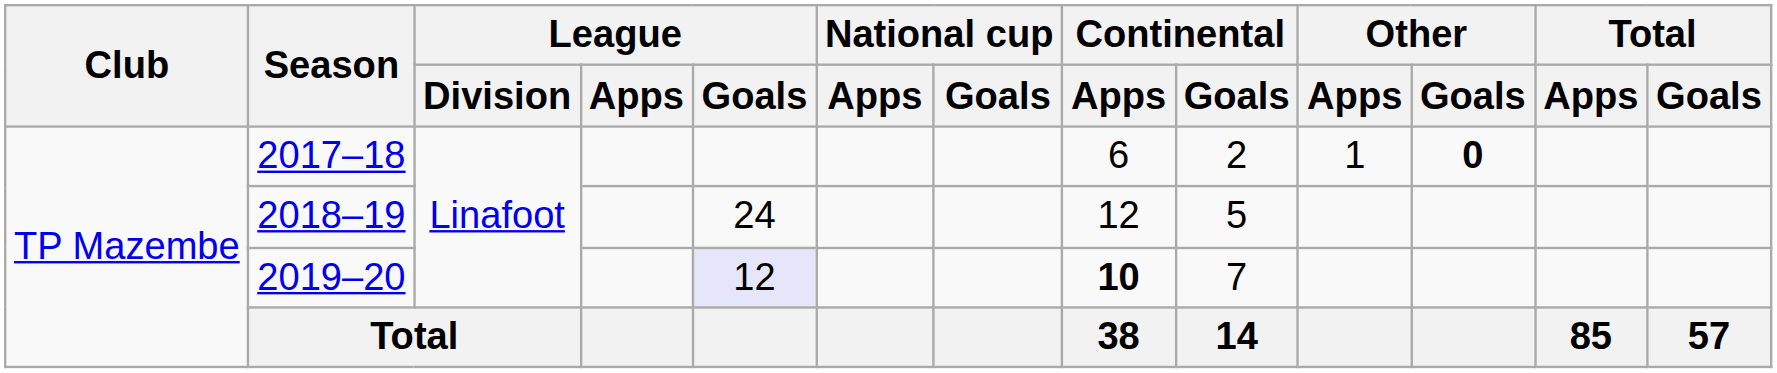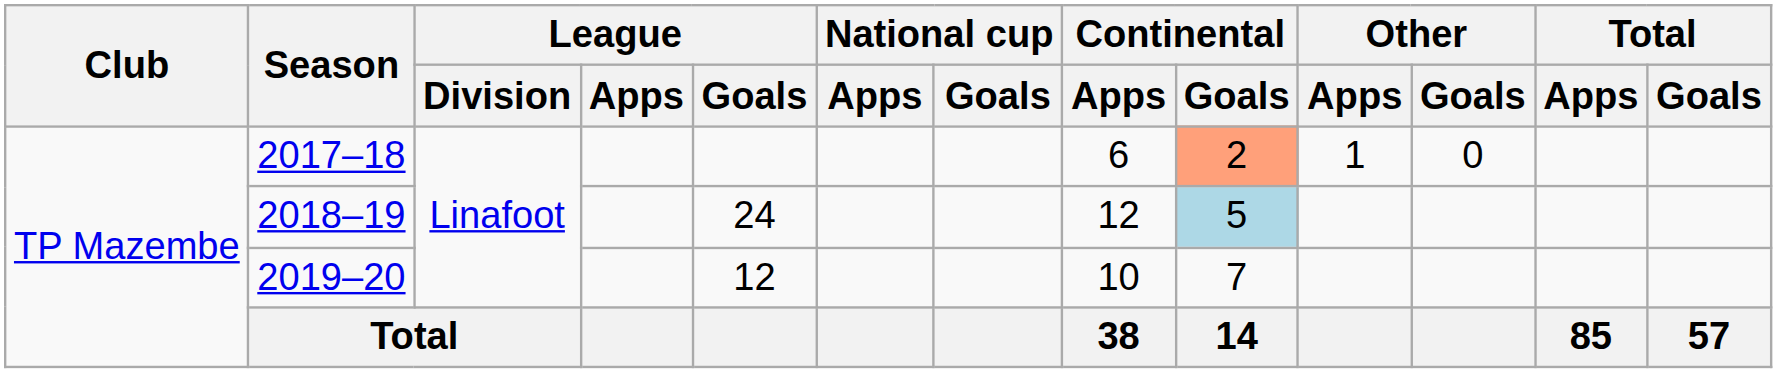 <table class="wikitable" style="text-align:center">
 <tr>
 <th rowspan="2">Club</th>
 <th rowspan="2">Season</th>
 <th colspan="3">League</th>
 <th colspan="2">National cup</th>
 <th colspan="2">Continental</th>
 <th colspan="2">Other</th>
 <th colspan="2">Total</th>
 </tr>
 <tr>
 <th>Division</th>
 <th>Apps</th>
 <th>Goals</th>
 <th>Apps</th>
 <th>Goals</th>
 <th>Apps</th>
 <th>Goals</th>
 <th>Apps</th>
 <th>Goals</th>
 <th>Apps</th>
 <th>Goals</th>
 </tr>
 <tr>
 <td rowspan="4"><a href='#'>TP Mazembe</a></td>
 <td><a href='#'>2017–18</a></td>
 <td rowspan="3"><a href='#'>Linafoot</a></td>
 <td></td>
 <td></td>
 <td></td>
 <td></td>
 <td>6</td>
-<td>2</td>
+<td style="background: lightsalmon;">2</td>
 <td>1</td>
-<td><strong>0</strong></td>
+<td>0</td>
 <td></td>
 <td></td>
 </tr>
 <tr>
 <td><a href='#'>2018–19</a></td>
 <td></td>
 <td>24</td>
 <td></td>
 <td></td>
 <td>12</td>
-<td>5</td>
+<td style="background: lightblue;">5</td>
 <td></td>
 <td></td>
 <td></td>
 <td></td>
 </tr>
 <tr>
 <td><a href='#'>2019–20</a></td>
 <td></td>
-<td style="background: lavender;">12</td>
+<td>12</td>
 <td></td>
 <td></td>
-<td><strong>10</strong></td>
+<td>10</td>
 <td>7</td>
 <td></td>
 <td></td>
 <td></td>
 <td></td>
 </tr>
 <tr>
 <th colspan="2">Total</th>
 <th></th>
 <th></th>
 <th></th>
 <th></th>
 <th>38</th>
 <th>14</th>
 <th></th>
 <th></th>
 <th>85</th>
 <th>57</th>
 </tr>
 </table>
